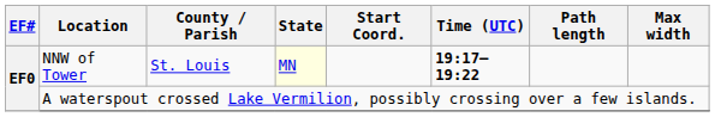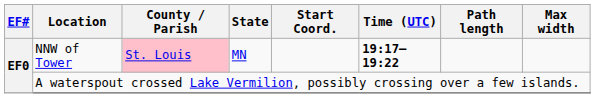 <table class="wikitable sortable" style="width:100%;">
 <tr>
 <th scope="col" width="2%" align="center"><a href='#'>EF#</a></th>
 <th scope="col" align="center" class="unsortable">Location</th>
 <th scope="col" align="center" class="unsortable">County / Parish</th>
 <th scope="col" align="center">State</th>
 <th scope="col" align="center">Start Coord.</th>
 <th scope="col" align="center">Time (<a href='#'>UTC</a>)</th>
 <th scope="col" align="center">Path length</th>
 <th scope="col" align="center">Max width</th>
 </tr>
 <tr>
 <th scope="row" rowspan="2" style="background-color:#">EF0</th>
 <td>NNW of <a href='#'>Tower</a></td>
-<td><a href='#'>St. Louis</a></td>
-<td style="background: lightyellow;"><a href='#'>MN</a></td>
+<td style="background: pink;"><a href='#'>St. Louis</a></td>
+<td><a href='#'>MN</a></td>
 <td></td>
 <td><strong>19:17–19:22</strong></td>
 <td></td>
 <td></td>
 </tr>
 <tr class="expand-child">
 <td colspan="8" style=" border-bottom: 1px solid black;">A waterspout crossed <a href='#'>Lake Vermilion</a>, possibly crossing over a few islands.</td>
 </tr>
 <tr>
 </tr>
 </table>
